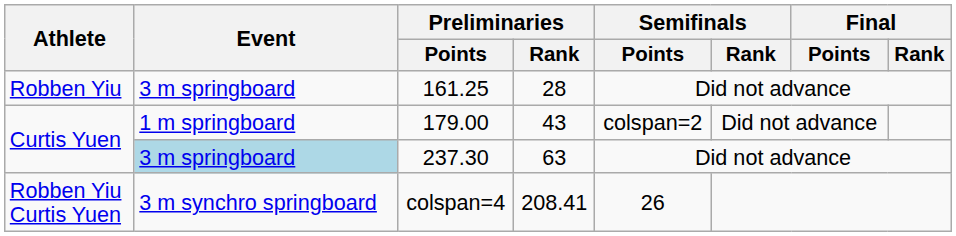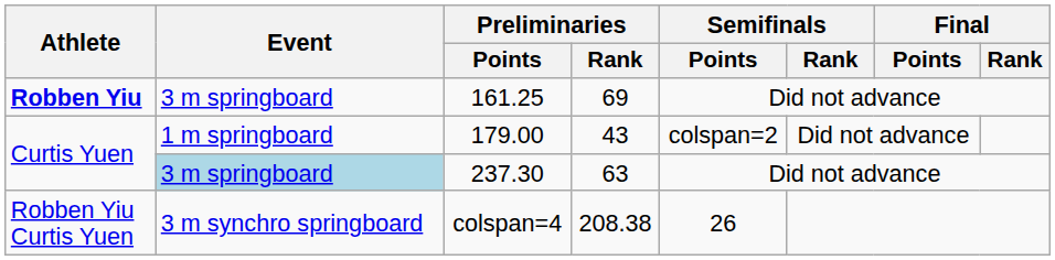 <table class="wikitable" style="text-align:center; font-size:90%; width:50%;">
 <tr>
 <th rowspan=2>Athlete</th>
 <th rowspan=2>Event</th>
 <th colspan=2>Preliminaries</th>
 <th colspan=2>Semifinals</th>
 <th colspan=2>Final</th>
 </tr>
 <tr style="font-size:95%">
 <th>Points</th>
 <th>Rank</th>
 <th>Points</th>
 <th>Rank</th>
 <th>Points</th>
 <th>Rank</th>
 </tr>
 <tr>
-<td align=left><a href='#'>Robben Yiu</a></td>
+<td align=left><strong><a href='#'>Robben Yiu</a></strong></td>
 <td align=left><a href='#'>3 m springboard</a></td>
 <td>161.25</td>
-<td>28</td>
+<td>69</td>
 <td colspan=4>Did not advance</td>
 </tr>
 <tr>
 <td align=left rowspan=2><a href='#'>Curtis Yuen</a></td>
 <td align=left><a href='#'>1 m springboard</a></td>
 <td>179.00</td>
 <td>43</td>
 <td>colspan=2 </td>
 <td colspan=2>Did not advance</td>
 </tr>
 <tr>
 <td align=left style="background: lightblue;"><a href='#'>3 m springboard</a></td>
 <td>237.30</td>
 <td>63</td>
 <td colspan=4>Did not advance</td>
 </tr>
 <tr>
 <td align=left><a href='#'>Robben Yiu</a><br><a href='#'>Curtis Yuen</a></td>
 <td align=left><a href='#'>3 m synchro springboard</a></td>
 <td>colspan=4 </td>
-<td>208.41</td>
+<td>208.38</td>
 <td>26</td>
 </tr>
 </table>
